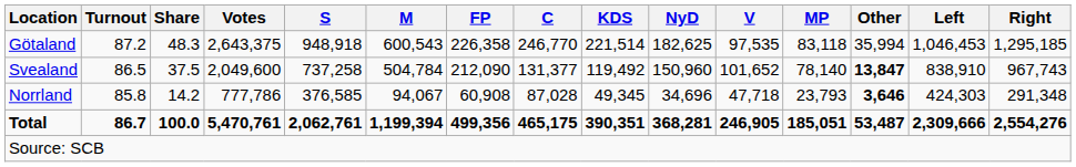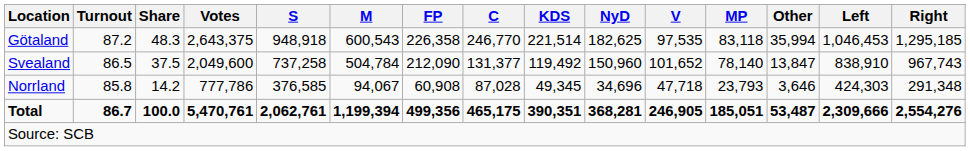 <table class="wikitable sortable" style=text-align:right>
 <tr>
 <th>Location</th>
 <th>Turnout</th>
 <th>Share</th>
 <th>Votes</th>
 <th><a href='#'>S</a></th>
 <th><a href='#'>M</a></th>
 <th><a href='#'>FP</a></th>
 <th><a href='#'>C</a></th>
 <th><a href='#'>KDS</a></th>
 <th><a href='#'>NyD</a></th>
 <th><a href='#'>V</a></th>
 <th><a href='#'>MP</a></th>
 <th>Other</th>
 <th>Left</th>
 <th>Right</th>
 </tr>
 <tr>
 <td align=left><a href='#'>Götaland</a></td>
 <td>87.2</td>
 <td>48.3</td>
 <td>2,643,375</td>
 <td>948,918</td>
 <td>600,543</td>
 <td>226,358</td>
 <td>246,770</td>
 <td>221,514</td>
 <td>182,625</td>
 <td>97,535</td>
 <td>83,118</td>
 <td>35,994</td>
 <td>1,046,453</td>
 <td>1,295,185</td>
 </tr>
 <tr>
 <td align=left><a href='#'>Svealand</a></td>
 <td>86.5</td>
 <td>37.5</td>
 <td>2,049,600</td>
 <td>737,258</td>
 <td>504,784</td>
 <td>212,090</td>
 <td>131,377</td>
 <td>119,492</td>
 <td>150,960</td>
 <td>101,652</td>
 <td>78,140</td>
-<td><strong>13,847</strong></td>
+<td>13,847</td>
 <td>838,910</td>
 <td>967,743</td>
 </tr>
 <tr>
 <td align=left><a href='#'>Norrland</a></td>
 <td>85.8</td>
 <td>14.2</td>
 <td>777,786</td>
 <td>376,585</td>
 <td>94,067</td>
 <td>60,908</td>
 <td>87,028</td>
 <td>49,345</td>
 <td>34,696</td>
 <td>47,718</td>
 <td>23,793</td>
-<td><strong>3,646</strong></td>
+<td>3,646</td>
 <td>424,303</td>
 <td>291,348</td>
 </tr>
 <tr>
 <td align=left><strong>Total</strong></td>
 <td><strong>86.7</strong></td>
 <td><strong>100.0</strong></td>
 <td><strong>5,470,761</strong></td>
 <td><strong>2,062,761</strong></td>
 <td><strong>1,199,394</strong></td>
 <td><strong>499,356</strong></td>
 <td><strong>465,175</strong></td>
 <td><strong>390,351</strong></td>
 <td><strong>368,281</strong></td>
 <td><strong>246,905</strong></td>
 <td><strong>185,051</strong></td>
 <td><strong>53,487</strong></td>
 <td><strong>2,309,666</strong></td>
 <td><strong>2,554,276</strong></td>
 </tr>
 <tr>
 <td align=left colspan=15>Source: SCB </td>
 </tr>
 </table>
